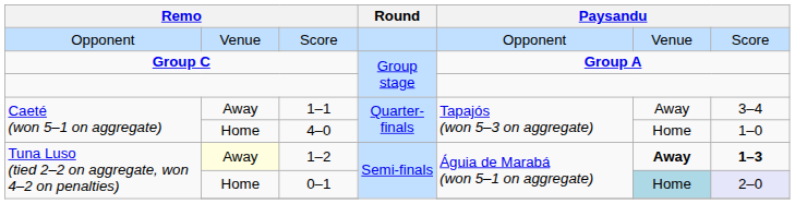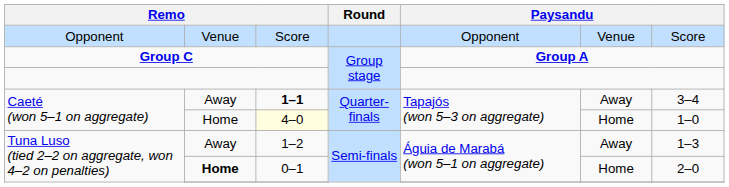 <table class="wikitable" style="text-align: center;">
 <tr>
 <th colspan=3><a href='#'>Remo</a></th>
 <th>Round</th>
 <th colspan=3><a href='#'>Paysandu</a></th>
 </tr>
 <tr bgcolor=#c1e0ff>
 <td width=25%>Opponent</td>
 <td width=10%>Venue</td>
 <td width=10%>Score</td>
 <td width=10%></td>
 <td width=25%>Opponent</td>
 <td width=10%>Venue</td>
 <td width=10%>Score</td>
 </tr>
 <tr>
 <td colspan=3><strong><a href='#'>Group C</a></strong></td>
 <td rowspan=2 bgcolor=#c1e0ff><a href='#'>Group stage</a></td>
 <td colspan=3><strong><a href='#'>Group A</a></strong></td>
 </tr>
 <tr>
 <td colspan=3 align=center valign=top><br></td>
 <td colspan=3 align=center valign=top><br></td>
 </tr>
 <tr>
 <td rowspan=2 align=left><a href='#'>Caeté</a><br><em>(won 5–1 on aggregate)</em></td>
 <td>Away</td>
-<td>1–1</td>
+<td><strong>1–1</strong></td>
 <td rowspan=2 bgcolor=#c1e0ff><a href='#'>Quarter-finals</a></td>
 <td rowspan=2 align=left><a href='#'>Tapajós</a><br><em>(won 5–3 on aggregate)</em></td>
 <td>Away</td>
 <td>3–4</td>
 </tr>
 <tr>
 <td>Home</td>
-<td>4–0</td>
+<td style="background: lightyellow;">4–0</td>
 <td>Home</td>
 <td>1–0</td>
 </tr>
 <tr>
 <td rowspan=3 align=left><a href='#'>Tuna Luso</a><br><em>(tied 2–2 on aggregate, won 4–2 on penalties)</em></td>
-<td style="background: lightyellow;">Away</td>
+<td>Away</td>
 <td>1–2</td>
 <td rowspan=3 bgcolor=#c1e0ff><a href='#'>Semi-finals</a></td>
 <td rowspan=2 align=left><a href='#'>Águia de Marabá</a><br><em>(won 5–1 on aggregate)</em></td>
-<td><strong>Away</strong></td>
-<td><strong>1–3</strong></td>
+<td>Away</td>
+<td>1–3</td>
 </tr>
 <tr>
+<td><strong>Home</strong></td>
+<td>0–1</td>
 <td>Home</td>
-<td>0–1</td>
-<td style="background: lightblue;">Home</td>
-<td style="background: lavender;">2–0</td>
+<td>2–0</td>
 </tr>
 <tr>
 </tr>
 </table>
